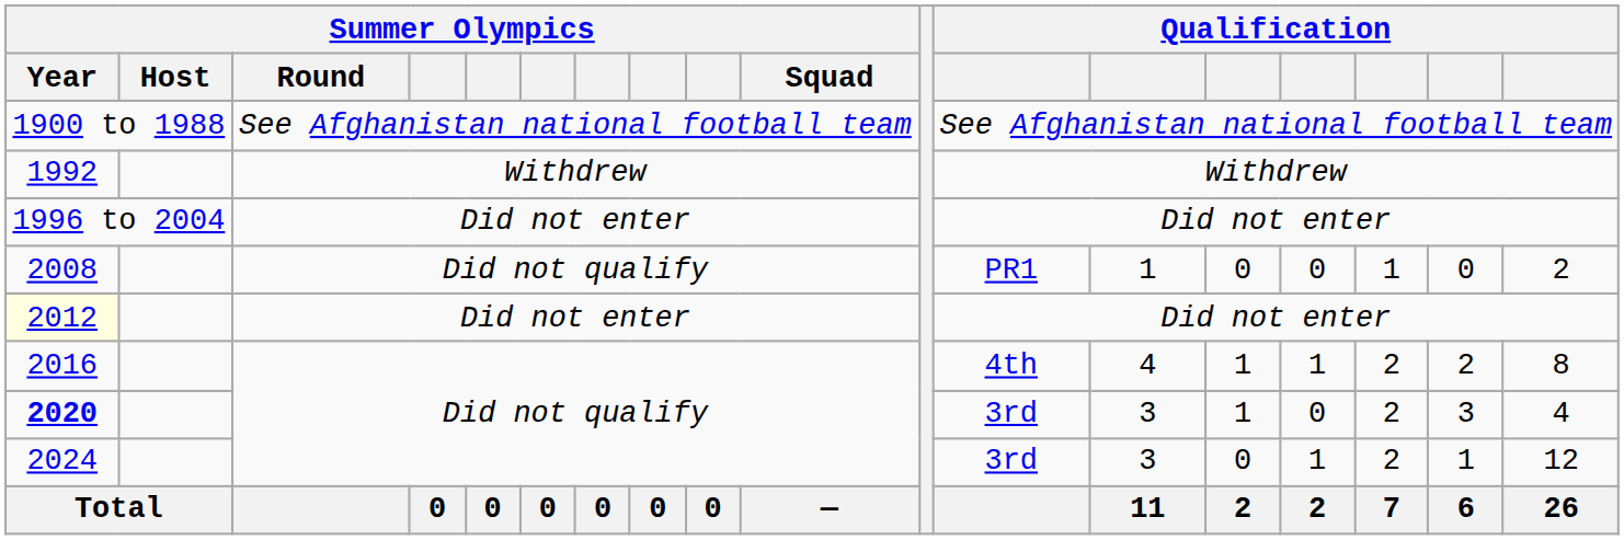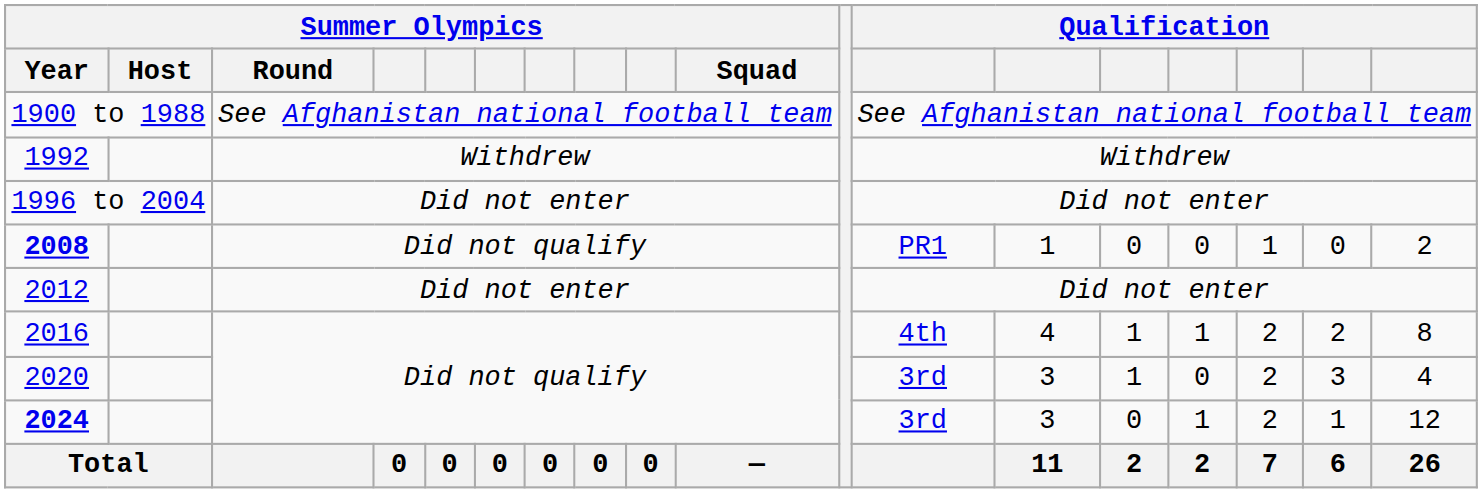 <table class="wikitable" style="text-align: center;font-size:100%;">
 <tr>
 <th colspan="10"><a href='#'>Summer Olympics</a></th>
 <th rowspan="12"></th>
 <th colspan="7"><a href='#'>Qualification</a></th>
 </tr>
 <tr>
 <th>Year</th>
 <th>Host</th>
 <th>Round</th>
 <th></th>
 <th></th>
 <th></th>
 <th></th>
 <th></th>
 <th></th>
 <th>Squad</th>
 <th></th>
 <th></th>
 <th></th>
 <th></th>
 <th></th>
 <th></th>
 <th></th>
 </tr>
 <tr>
 <td colspan="2"><a href='#'>1900</a> to <a href='#'>1988</a></td>
 <td colspan="8"><em>See <a href='#'>Afghanistan national football team</a></em></td>
 <td colspan="7"><em>See <a href='#'>Afghanistan national football team</a></em></td>
 </tr>
 <tr>
 <td><a href='#'>1992</a></td>
 <td align=left></td>
 <td colspan="8"><em>Withdrew</em></td>
 <td colspan="7"><em>Withdrew</em></td>
 </tr>
 <tr>
 <td colspan="2"><a href='#'>1996</a> to <a href='#'>2004</a></td>
 <td colspan="8"><em>Did not enter</em></td>
 <td colspan="7"><em>Did not enter</em></td>
 </tr>
 <tr>
-<td><a href='#'>2008</a></td>
+<td><strong><a href='#'>2008</a></strong></td>
 <td align=left></td>
 <td colspan="8"><em>Did not qualify</em></td>
 <td><a href='#'>PR1</a></td>
 <td>1</td>
 <td>0</td>
 <td>0</td>
 <td>1</td>
 <td>0</td>
 <td>2</td>
 </tr>
 <tr>
-<td style="background: lightyellow;"><a href='#'>2012</a></td>
+<td><a href='#'>2012</a></td>
 <td align=left></td>
 <td colspan="8"><em>Did not enter</em></td>
 <td colspan="7"><em>Did not enter</em></td>
 </tr>
 <tr>
 <td><a href='#'>2016</a></td>
 <td align=left></td>
 <td colspan="8" rowspan="3"><em>Did not qualify</em></td>
 <td><a href='#'>4th</a></td>
 <td>4</td>
 <td>1</td>
 <td>1</td>
 <td>2</td>
 <td>2</td>
 <td>8</td>
 </tr>
 <tr>
-<td><strong><a href='#'>2020</a></strong></td>
+<td><a href='#'>2020</a></td>
 <td align=left></td>
 <td><a href='#'>3rd</a></td>
 <td>3</td>
 <td>1</td>
 <td>0</td>
 <td>2</td>
 <td>3</td>
 <td>4</td>
 </tr>
 <tr>
-<td><a href='#'>2024</a></td>
+<td><strong><a href='#'>2024</a></strong></td>
 <td align=left></td>
 <td><a href='#'>3rd</a></td>
 <td>3</td>
 <td>0</td>
 <td>1</td>
 <td>2</td>
 <td>1</td>
 <td>12</td>
 </tr>
 <tr>
 <th colspan="2">Total</th>
 <th></th>
 <th>0</th>
 <th>0</th>
 <th>0</th>
 <th>0</th>
 <th>0</th>
 <th>0</th>
 <th>—</th>
 <th></th>
 <th>11</th>
 <th>2</th>
 <th>2</th>
 <th>7</th>
 <th>6</th>
 <th>26</th>
 </tr>
 </table>
